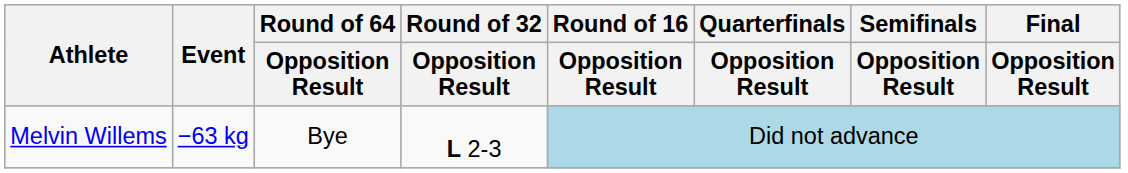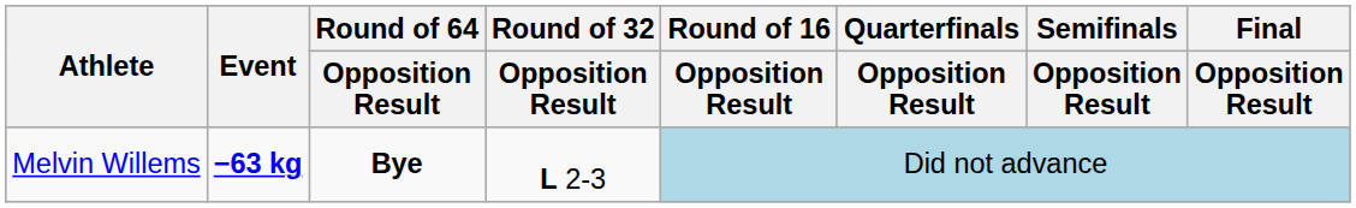 <table class="wikitable" style="font-size:90%">
 <tr>
 <th rowspan=2>Athlete</th>
 <th rowspan=2>Event</th>
 <th>Round of 64</th>
 <th>Round of 32</th>
 <th>Round of 16</th>
 <th>Quarterfinals</th>
 <th>Semifinals</th>
 <th>Final</th>
 </tr>
 <tr>
 <th>Opposition<br>Result</th>
 <th>Opposition<br>Result</th>
 <th>Opposition<br>Result</th>
 <th>Opposition<br>Result</th>
 <th>Opposition<br>Result</th>
 <th>Opposition<br>Result</th>
 </tr>
 <tr>
 <td><a href='#'>Melvin Willems</a></td>
-<td><a href='#'>−63 kg</a></td>
-<td align=center>Bye</td>
+<td><strong><a href='#'>−63 kg</a></strong></td>
+<td align=center><strong>Bye</strong></td>
 <td align=center><br><strong>L</strong> 2-3</td>
 <td colspan=4 bgcolor=lightblue align=center>Did not advance</td>
 </tr>
 </table>
